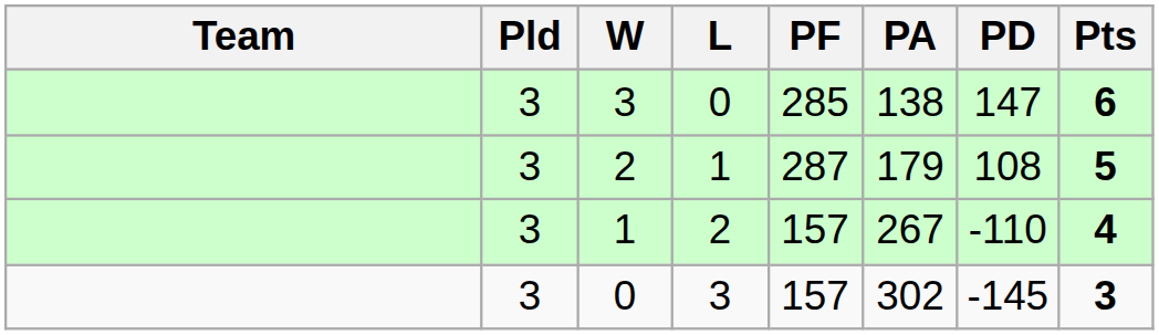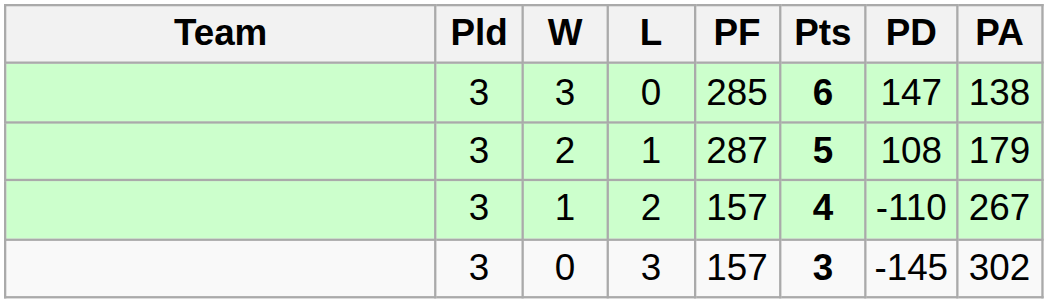 <table class=wikitable style="text-align:center">
 <tr>
 <th width=180>Team</th>
 <th width=30>Pld</th>
 <th width=30>W</th>
 <th width=30>L</th>
 <th width=30>PF</th>
+<th width=30>Pts</th>
+<th width=30>PD</th>
 <th width=30>PA</th>
-<th width=30>PD</th>
-<th width=30>Pts</th>
 </tr>
 <tr bgcolor="#ccffcc">
 <td align="left"></td>
 <td>3</td>
 <td>3</td>
 <td>0</td>
 <td>285</td>
+<td><strong>6</strong></td>
+<td>147</td>
 <td>138</td>
-<td>147</td>
-<td><strong>6</strong></td>
 </tr>
 <tr bgcolor="#ccffcc">
 <td align="left"></td>
 <td>3</td>
 <td>2</td>
 <td>1</td>
 <td>287</td>
+<td><strong>5</strong></td>
+<td>108</td>
 <td>179</td>
-<td>108</td>
-<td><strong>5</strong></td>
 </tr>
 <tr bgcolor="#ccffcc">
 <td align="left"></td>
 <td>3</td>
 <td>1</td>
 <td>2</td>
 <td>157</td>
+<td><strong>4</strong></td>
+<td>-110</td>
 <td>267</td>
-<td>-110</td>
-<td><strong>4</strong></td>
 </tr>
 <tr>
 <td align="left"></td>
 <td>3</td>
 <td>0</td>
 <td>3</td>
 <td>157</td>
+<td><strong>3</strong></td>
+<td>-145</td>
 <td>302</td>
-<td>-145</td>
-<td><strong>3</strong></td>
 </tr>
 </table>
